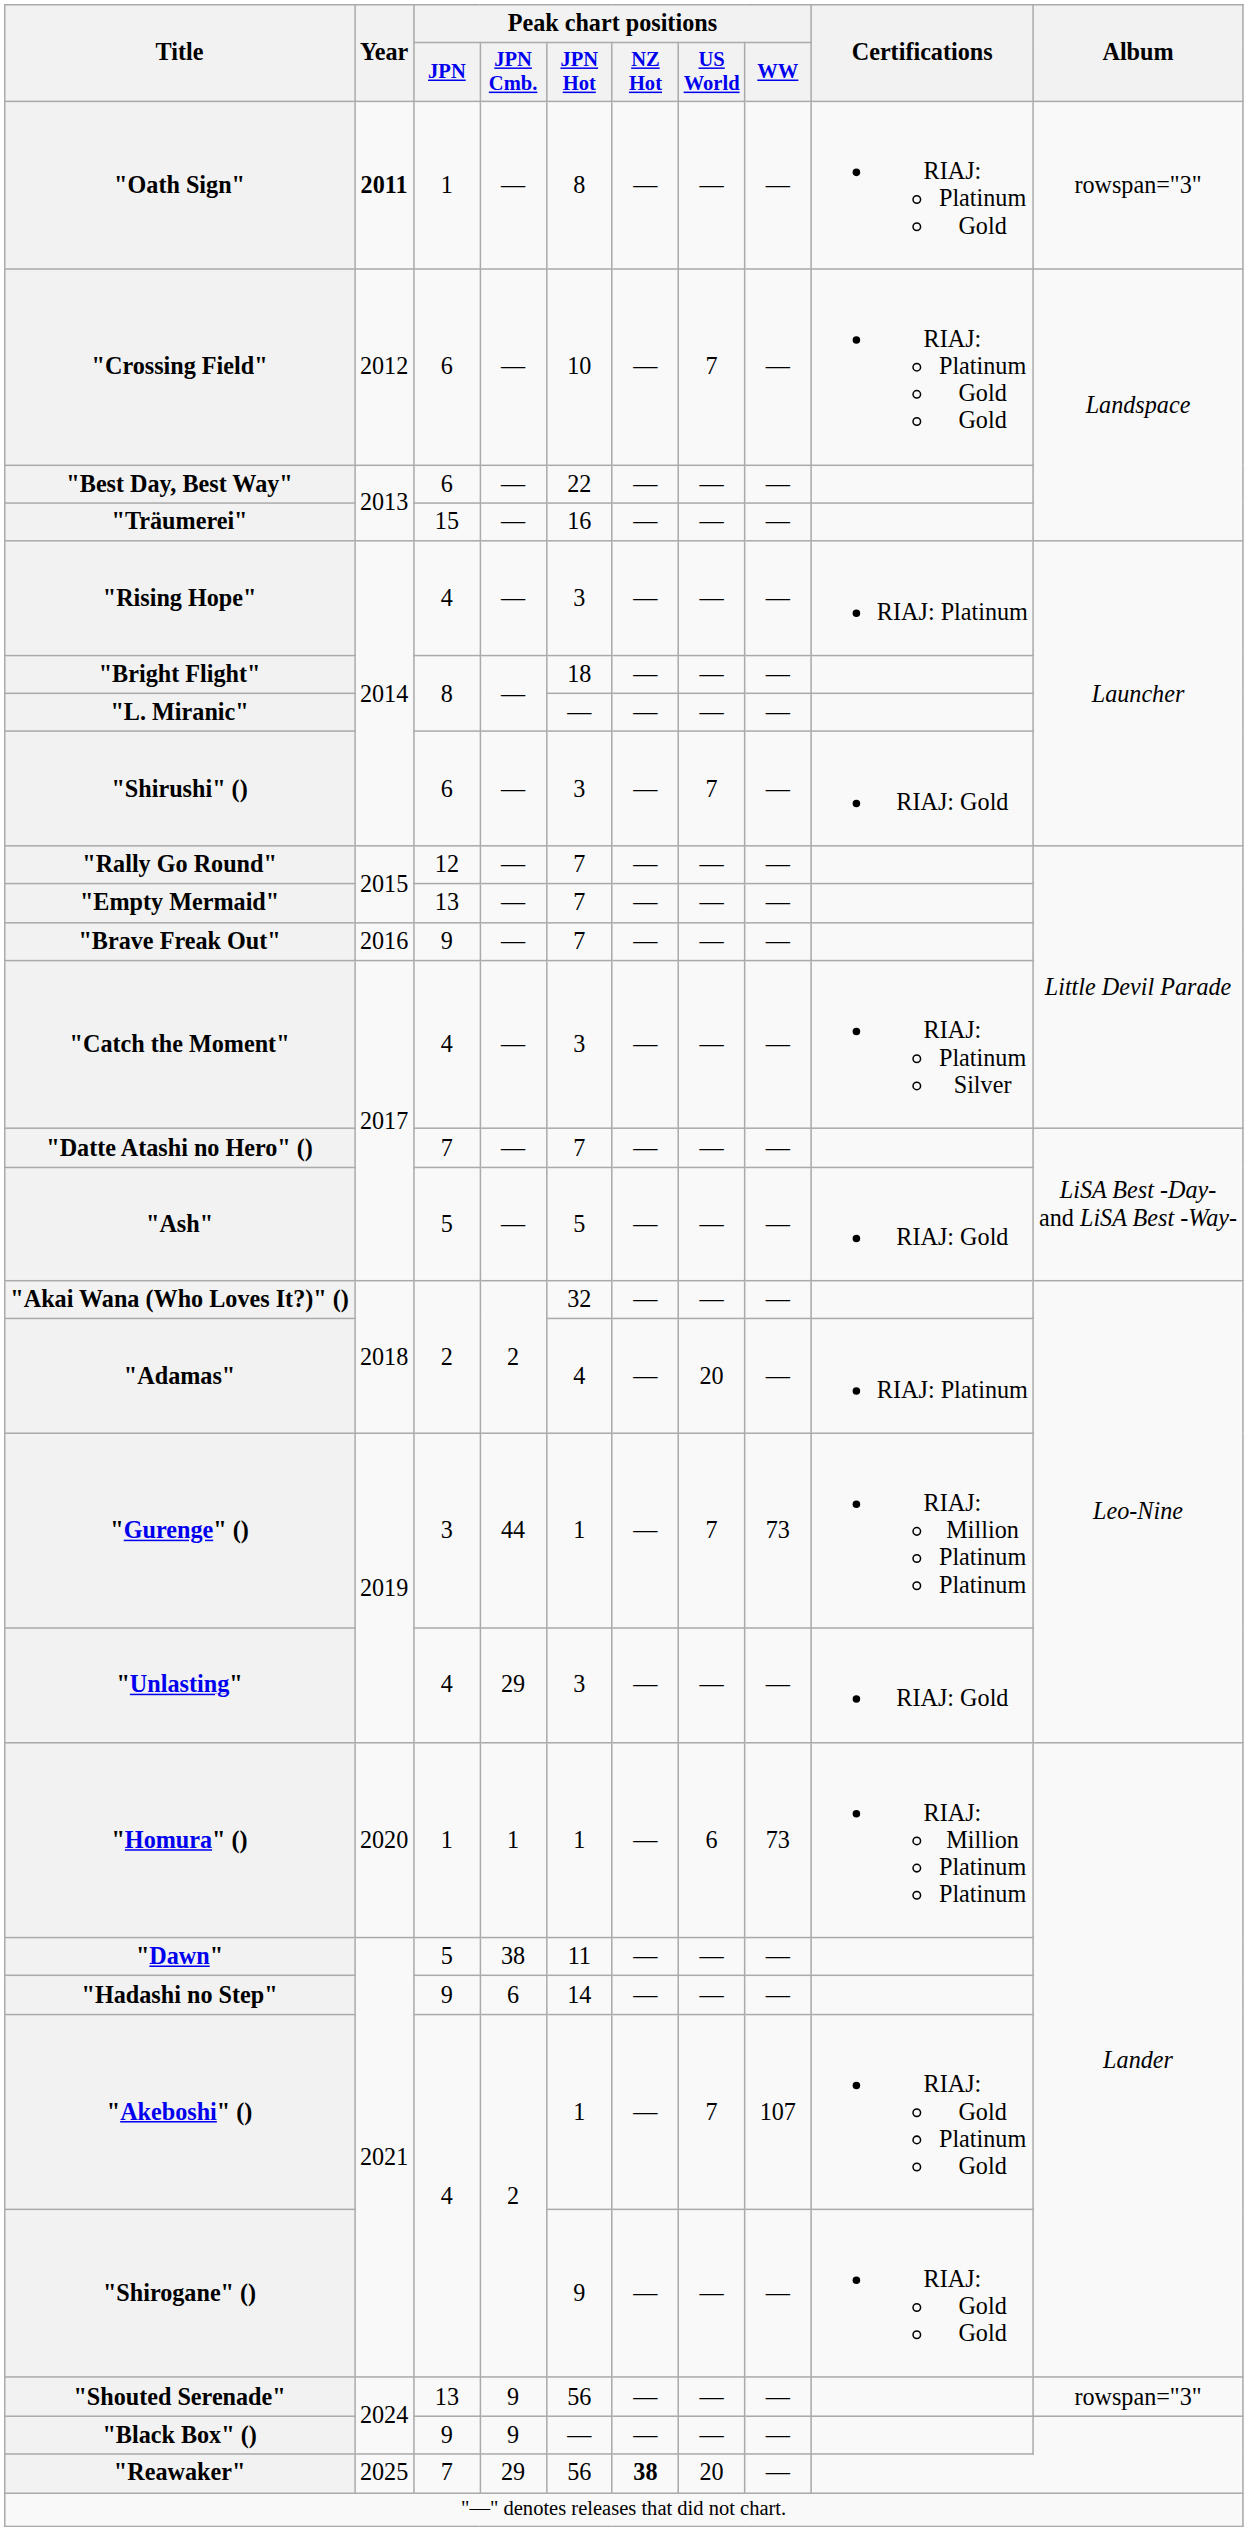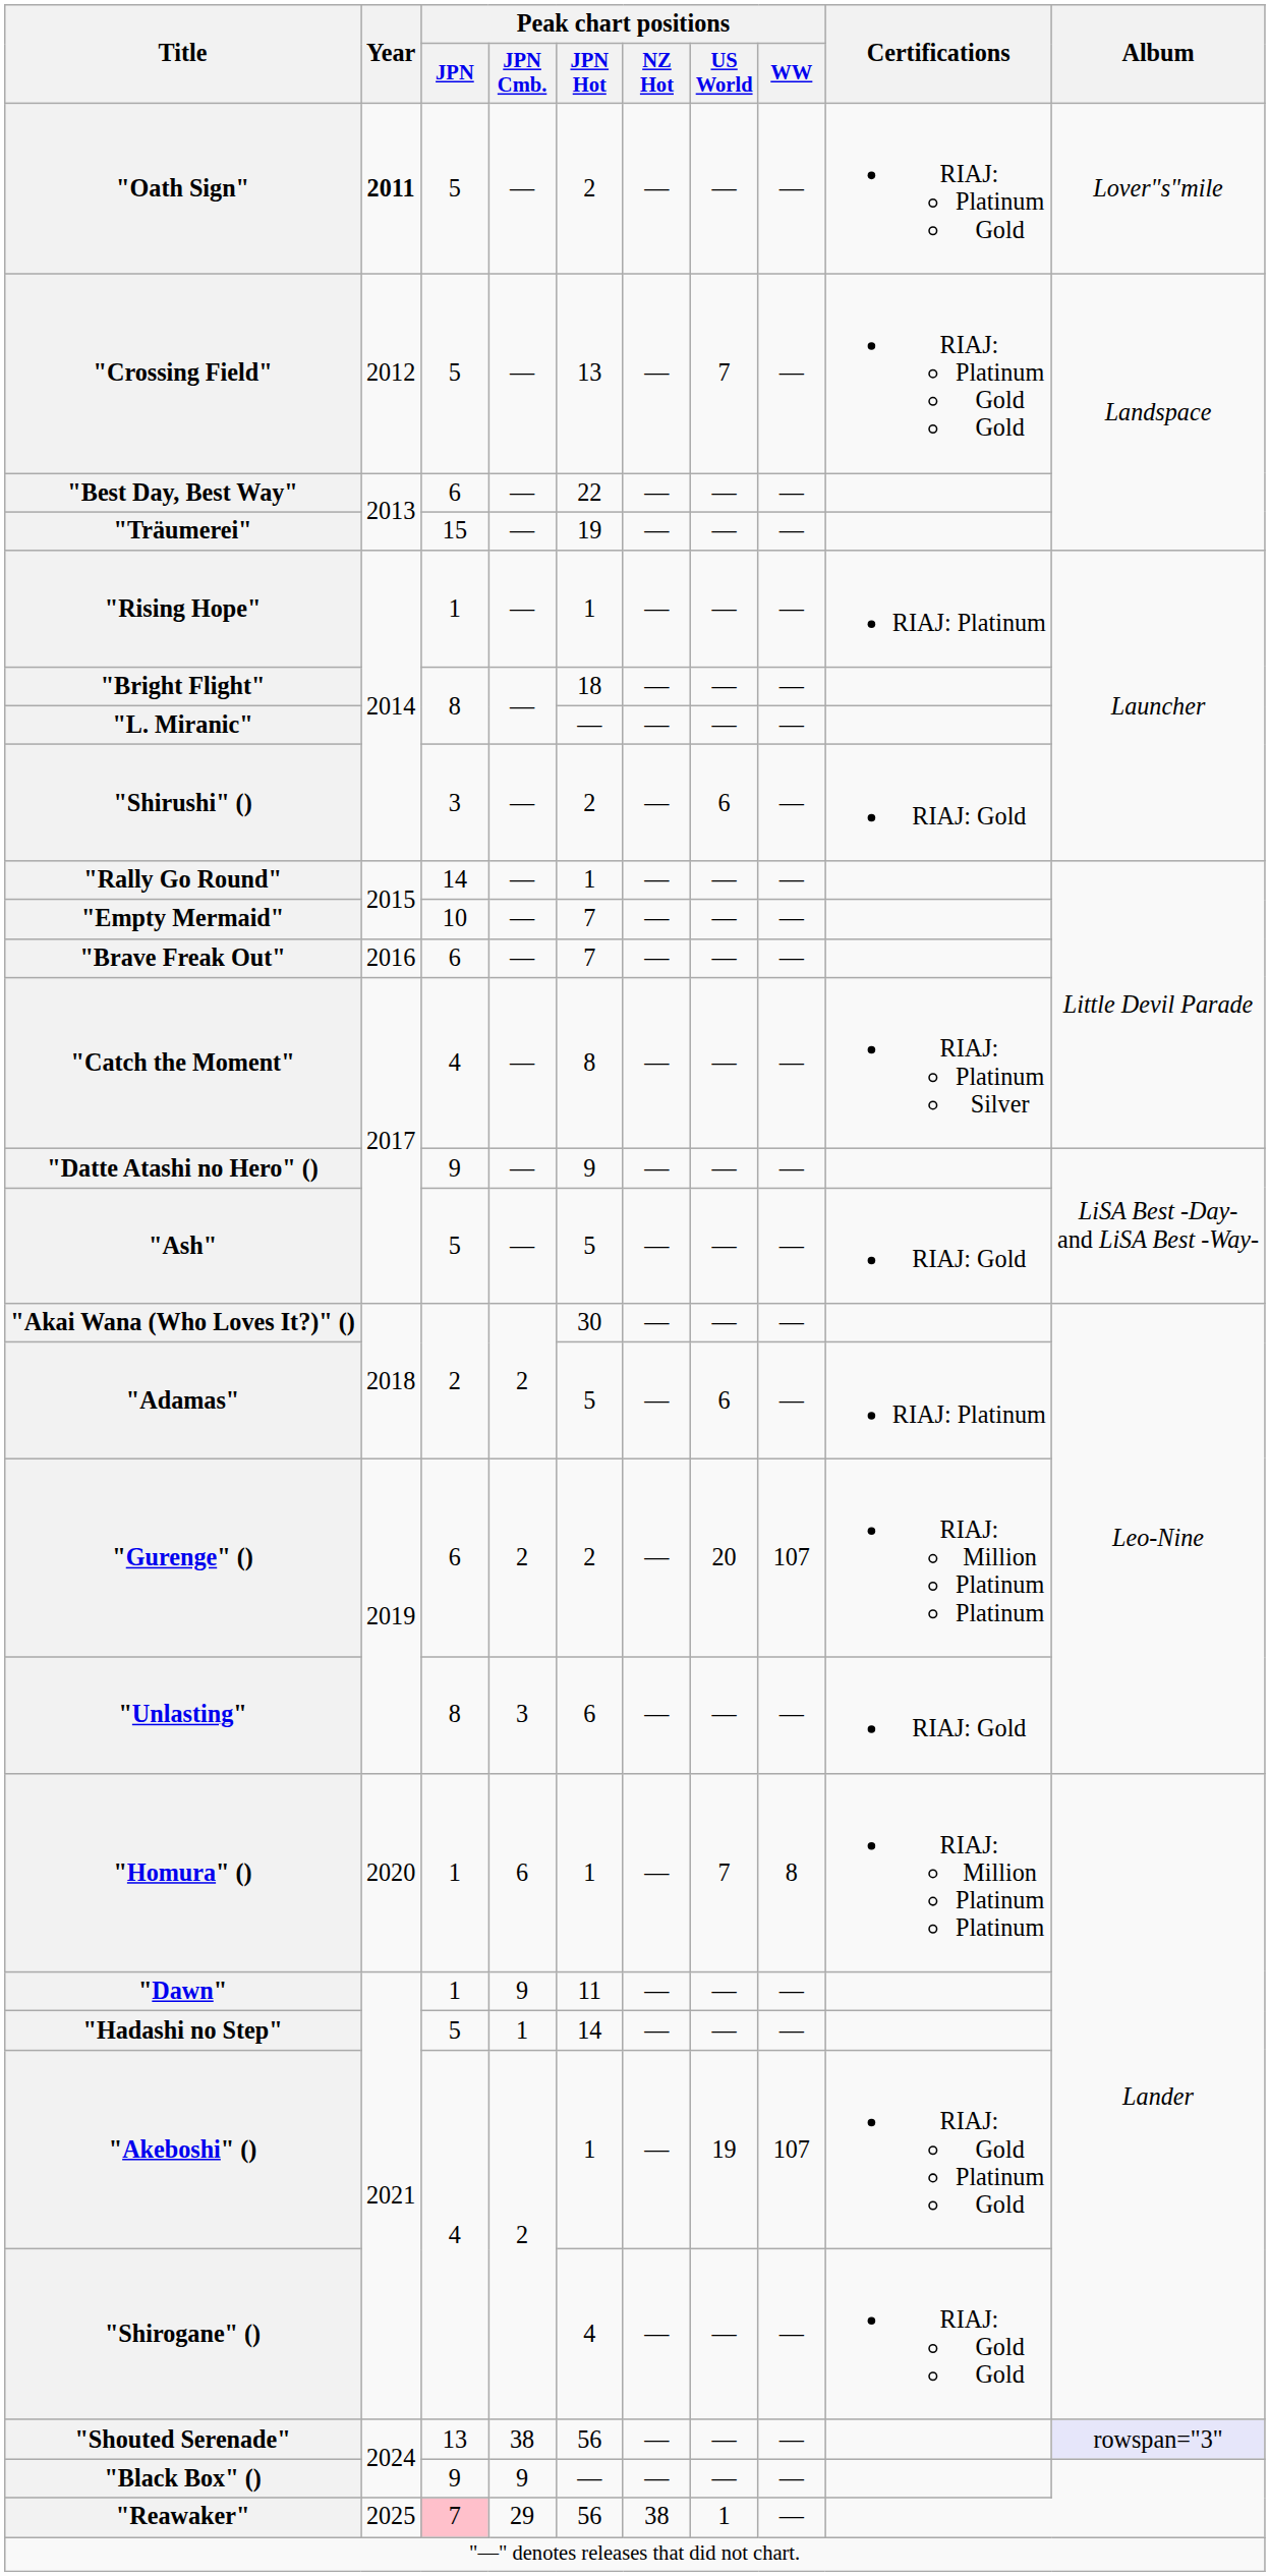 <table class="wikitable plainrowheaders" style="text-align:center;">
 <tr>
 <th scope="col" rowspan="2">Title</th>
 <th scope="col" rowspan="2">Year</th>
 <th scope="col" colspan="6">Peak chart positions</th>
 <th scope="col" rowspan="2">Certifications</th>
 <th scope="col" rowspan="2">Album</th>
 </tr>
 <tr>
 <th scope="col" style="width:2.75em;font-size:85%;"><a href='#'>JPN</a><br></th>
 <th scope="col" style="width:2.75em;font-size:85%;"><a href='#'>JPN<br>Cmb.</a><br></th>
 <th scope="col" style="width:2.75em;font-size:85%;"><a href='#'>JPN<br>Hot</a><br></th>
 <th scope="col" style="width:2.75em;font-size:85%;"><a href='#'>NZ<br>Hot</a><br></th>
 <th scope="col" style="width:2.75em;font-size:85%;"><a href='#'>US<br>World</a><br></th>
 <th scope="col" style="width:2.75em;font-size:85%;"><a href='#'>WW</a><br></th>
 </tr>
 <tr>
 <th scope="row">"Oath Sign"</th>
 <td><strong>2011</strong></td>
-<td>1</td>
+<td>5</td>
 <td>—</td>
-<td>8</td>
+<td>2</td>
 <td>—</td>
 <td>—</td>
 <td>—</td>
 <td><br><ul><li>RIAJ:<ul><li>Platinum </li><li>Gold </li></ul></li></ul></td>
-<td>rowspan="3" </td>
+<td><em>Lover"s"mile</em></td>
 </tr>
 <tr>
 <th scope="row">"Crossing Field"</th>
 <td>2012</td>
-<td>6</td>
+<td>5</td>
 <td>—</td>
-<td>10</td>
+<td>13</td>
 <td>—</td>
 <td>7</td>
 <td>—</td>
 <td><br><ul><li>RIAJ:<ul><li>Platinum </li><li>Gold </li><li>Gold </li></ul></li></ul></td>
 <td rowspan="3"><em>Landspace</em></td>
 </tr>
 <tr>
 <th scope="row">"Best Day, Best Way"</th>
 <td rowspan="2">2013</td>
 <td>6</td>
 <td>—</td>
 <td>22</td>
 <td>—</td>
 <td>—</td>
 <td>—</td>
 <td></td>
 </tr>
 <tr>
 <th scope="row">"Träumerei"</th>
 <td>15</td>
 <td>—</td>
-<td>16</td>
+<td>19</td>
 <td>—</td>
 <td>—</td>
 <td>—</td>
 <td></td>
 </tr>
 <tr>
 <th scope="row">"Rising Hope"</th>
 <td rowspan="4">2014</td>
-<td>4</td>
+<td>1</td>
 <td>—</td>
-<td>3</td>
+<td>1</td>
 <td>—</td>
 <td>—</td>
 <td>—</td>
 <td><br><ul><li>RIAJ: Platinum </li></ul></td>
 <td rowspan="4"><em>Launcher</em></td>
 </tr>
 <tr>
 <th scope="row">"Bright Flight"</th>
 <td rowspan="2">8</td>
 <td rowspan="2">—</td>
 <td>18</td>
 <td>—</td>
 <td>—</td>
 <td>—</td>
 <td></td>
 </tr>
 <tr>
 <th scope="row">"L. Miranic"</th>
 <td>—</td>
 <td>—</td>
 <td>—</td>
 <td>—</td>
 </tr>
 <tr>
 <th scope="row">"Shirushi" ()</th>
-<td>6</td>
-<td>—</td>
 <td>3</td>
 <td>—</td>
-<td>7</td>
+<td>2</td>
+<td>—</td>
+<td>6</td>
 <td>—</td>
 <td><br><ul><li>RIAJ: Gold </li></ul></td>
 </tr>
 <tr>
 <th scope="row">"Rally Go Round"</th>
 <td rowspan="2">2015</td>
-<td>12</td>
+<td>14</td>
 <td>—</td>
-<td>7</td>
+<td>1</td>
 <td>—</td>
 <td>—</td>
 <td>—</td>
 <td></td>
 <td rowspan="4"><em>Little Devil Parade</em></td>
 </tr>
 <tr>
 <th scope="row">"Empty Mermaid"</th>
-<td>13</td>
+<td>10</td>
 <td>—</td>
 <td>7</td>
 <td>—</td>
 <td>—</td>
 <td>—</td>
 <td></td>
 </tr>
 <tr>
 <th scope="row">"Brave Freak Out"</th>
 <td>2016</td>
-<td>9</td>
+<td>6</td>
 <td>—</td>
 <td>7</td>
 <td>—</td>
 <td>—</td>
 <td>—</td>
 <td></td>
 </tr>
 <tr>
 <th scope="row">"Catch the Moment"</th>
 <td rowspan="3">2017</td>
 <td>4</td>
 <td>—</td>
-<td>3</td>
+<td>8</td>
 <td>—</td>
 <td>—</td>
 <td>—</td>
 <td><br><ul><li>RIAJ:<ul><li>Platinum </li><li>Silver </li></ul></li></ul></td>
 </tr>
 <tr>
 <th scope="row">"Datte Atashi no Hero" ()</th>
-<td>7</td>
+<td>9</td>
 <td>—</td>
-<td>7</td>
+<td>9</td>
 <td>—</td>
 <td>—</td>
 <td>—</td>
 <td></td>
 <td rowspan="2"><em>LiSA Best -Day-</em><br>and <em>LiSA Best -Way-</em></td>
 </tr>
 <tr>
 <th scope="row">"Ash"</th>
 <td>5</td>
 <td>—</td>
 <td>5</td>
 <td>—</td>
 <td>—</td>
 <td>—</td>
 <td><br><ul><li>RIAJ: Gold </li></ul></td>
 </tr>
 <tr>
 <th scope="row">"Akai Wana (Who Loves It?)" ()</th>
 <td rowspan="2">2018</td>
 <td rowspan="2">2</td>
 <td rowspan="2">2</td>
-<td>32</td>
+<td>30</td>
 <td>—</td>
 <td>—</td>
 <td>—</td>
 <td></td>
 <td rowspan="4"><em>Leo-Nine</em></td>
 </tr>
 <tr>
 <th scope="row">"Adamas"</th>
-<td>4</td>
+<td>5</td>
 <td>—</td>
-<td>20</td>
+<td>6</td>
 <td>—</td>
 <td><br><ul><li>RIAJ: Platinum </li></ul></td>
 </tr>
 <tr>
 <th scope="row">"<a href='#'>Gurenge</a>" ()</th>
 <td rowspan="2">2019</td>
-<td>3</td>
-<td>44</td>
-<td>1</td>
+<td>6</td>
+<td>2</td>
+<td>2</td>
 <td>—</td>
-<td>7</td>
-<td>73</td>
+<td>20</td>
+<td>107</td>
 <td><br><ul><li>RIAJ:<ul><li>Million </li><li>Platinum </li><li>Platinum </li></ul></li></ul></td>
 </tr>
 <tr>
 <th scope="row">"<a href='#'>Unlasting</a>"</th>
-<td>4</td>
-<td>29</td>
+<td>8</td>
 <td>3</td>
+<td>6</td>
 <td>—</td>
 <td>—</td>
 <td>—</td>
 <td><br><ul><li>RIAJ: Gold </li></ul></td>
 </tr>
 <tr>
 <th scope="row">"<a href='#'>Homura</a>" ()</th>
 <td>2020</td>
 <td>1</td>
-<td>1</td>
+<td>6</td>
 <td>1</td>
 <td>—</td>
-<td>6</td>
-<td>73</td>
+<td>7</td>
+<td>8</td>
 <td><br><ul><li>RIAJ:<ul><li>Million </li><li>Platinum </li><li>Platinum </li></ul></li></ul></td>
 <td rowspan=5><em>Lander</em></td>
 </tr>
 <tr>
 <th scope="row">"<a href='#'>Dawn</a>"</th>
 <td rowspan="4">2021</td>
-<td>5</td>
-<td>38</td>
+<td>1</td>
+<td>9</td>
 <td>11</td>
 <td>—</td>
 <td>—</td>
 <td>—</td>
 <td></td>
 </tr>
 <tr>
 <th scope="row">"Hadashi no Step"</th>
-<td>9</td>
-<td>6</td>
+<td>5</td>
+<td>1</td>
 <td>14</td>
 <td>—</td>
 <td>—</td>
 <td>—</td>
 <td></td>
 </tr>
 <tr>
 <th scope="row">"<a href='#'>Akeboshi</a>" ()</th>
 <td rowspan="2">4</td>
 <td rowspan="2">2</td>
 <td>1</td>
 <td>—</td>
-<td>7</td>
+<td>19</td>
 <td>107</td>
 <td><br><ul><li>RIAJ:<ul><li>Gold </li><li>Platinum </li><li>Gold </li></ul></li></ul></td>
 </tr>
 <tr>
 <th scope="row">"Shirogane" ()</th>
-<td>9</td>
+<td>4</td>
 <td>—</td>
 <td>—</td>
 <td>—</td>
 <td><br><ul><li>RIAJ:<ul><li>Gold </li><li>Gold </li></ul></li></ul></td>
 </tr>
 <tr>
 <th scope="row">"Shouted Serenade"</th>
 <td rowspan="2">2024</td>
 <td>13</td>
-<td>9</td>
+<td>38</td>
 <td>56</td>
 <td>—</td>
 <td>—</td>
 <td>—</td>
 <td></td>
-<td>rowspan="3" </td>
+<td style="background: lavender;">rowspan="3" </td>
 </tr>
 <tr>
 <th scope="row">"Black Box" ()</th>
 <td>9</td>
 <td>9</td>
 <td>—</td>
 <td>—</td>
 <td>—</td>
 <td>—</td>
 <td></td>
 </tr>
 <tr>
 <th scope="row">"Reawaker"<br></th>
 <td>2025</td>
-<td>7</td>
+<td style="background: pink;">7</td>
 <td>29</td>
 <td>56</td>
-<td><strong>38</strong></td>
-<td>20</td>
+<td>38</td>
+<td>1</td>
 <td>—</td>
 </tr>
 <tr>
 <td colspan="14" style="font-size:85%">"—" denotes releases that did not chart.</td>
 </tr>
 </table>
